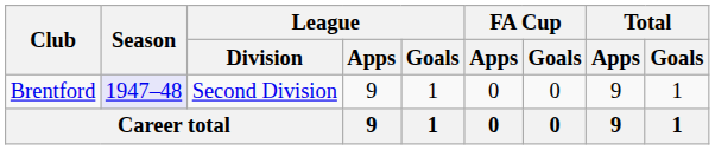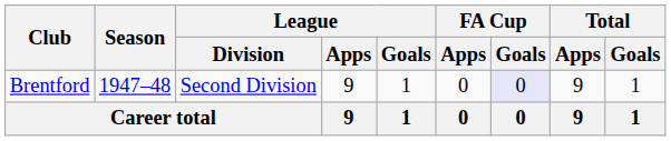 <table class="wikitable" style="text-align: center;">
 <tr>
 <th rowspan="2">Club</th>
 <th rowspan="2">Season</th>
 <th colspan="3">League</th>
 <th colspan="2">FA Cup</th>
 <th colspan="2">Total</th>
 </tr>
 <tr>
 <th>Division</th>
 <th>Apps</th>
 <th>Goals</th>
 <th>Apps</th>
 <th>Goals</th>
 <th>Apps</th>
 <th>Goals</th>
 </tr>
 <tr>
 <td><a href='#'>Brentford</a></td>
-<td style="background: lavender;"><a href='#'>1947–48</a></td>
+<td><a href='#'>1947–48</a></td>
 <td><a href='#'>Second Division</a></td>
 <td>9</td>
 <td>1</td>
 <td>0</td>
-<td>0</td>
+<td style="background: lavender;">0</td>
 <td>9</td>
 <td>1</td>
 </tr>
 <tr>
 <th colspan="3">Career total</th>
 <th>9</th>
 <th>1</th>
 <th>0</th>
 <th>0</th>
 <th>9</th>
 <th>1</th>
 </tr>
 </table>
